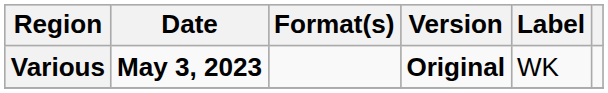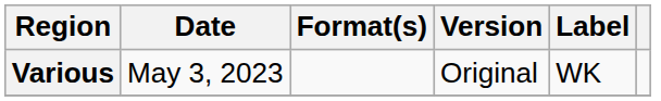 <table class="wikitable plainrowheaders">
 <tr>
 <th scope="col">Region</th>
 <th scope="col">Date</th>
 <th scope="col">Format(s)</th>
 <th scope="col">Version</th>
 <th scope="col">Label</th>
 <th scope="col"></th>
 </tr>
 <tr>
 <th scope="row">Various</th>
-<td><strong>May 3, 2023</strong></td>
+<td>May 3, 2023</td>
 <td></td>
-<td><strong>Original</strong></td>
+<td>Original</td>
 <td>WK</td>
 <td align="center"></td>
 </tr>
 <tr>
 </tr>
 </table>
